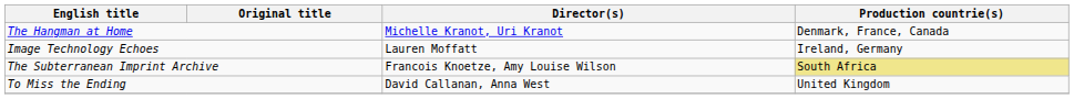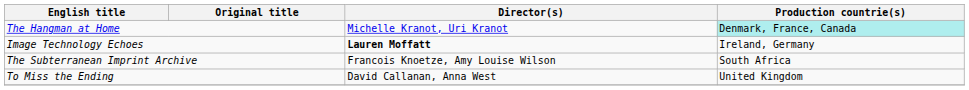 <table class="sortable wikitable" style="width:100%; margin-bottom:4px" cellpadding="5">
 <tr>
 <th scope="col">English title</th>
 <th scope="col">Original title</th>
 <th scope="col">Director(s)</th>
 <th scope="col">Production countrie(s)</th>
 </tr>
 <tr>
 <td colspan="2"><em><a href='#'>The Hangman at Home</a></em></td>
 <td><a href='#'>Michelle Kranot, Uri Kranot</a></td>
-<td>Denmark, France, Canada</td>
+<td style="background: paleturquoise;">Denmark, France, Canada</td>
 </tr>
 <tr>
 <td colspan="2"><em>Image Technology Echoes</em></td>
-<td>Lauren Moffatt</td>
+<td><strong>Lauren Moffatt</strong></td>
 <td>Ireland, Germany</td>
 </tr>
 <tr>
 <td colspan="2"><em>The Subterranean Imprint Archive</em></td>
 <td>Francois Knoetze, Amy Louise Wilson</td>
-<td style="background: khaki;">South Africa</td>
+<td>South Africa</td>
 </tr>
 <tr>
 <td colspan="2"><em>To Miss the Ending</em></td>
 <td>David Callanan, Anna West</td>
 <td>United Kingdom</td>
 </tr>
 <tr>
 </tr>
 </table>
